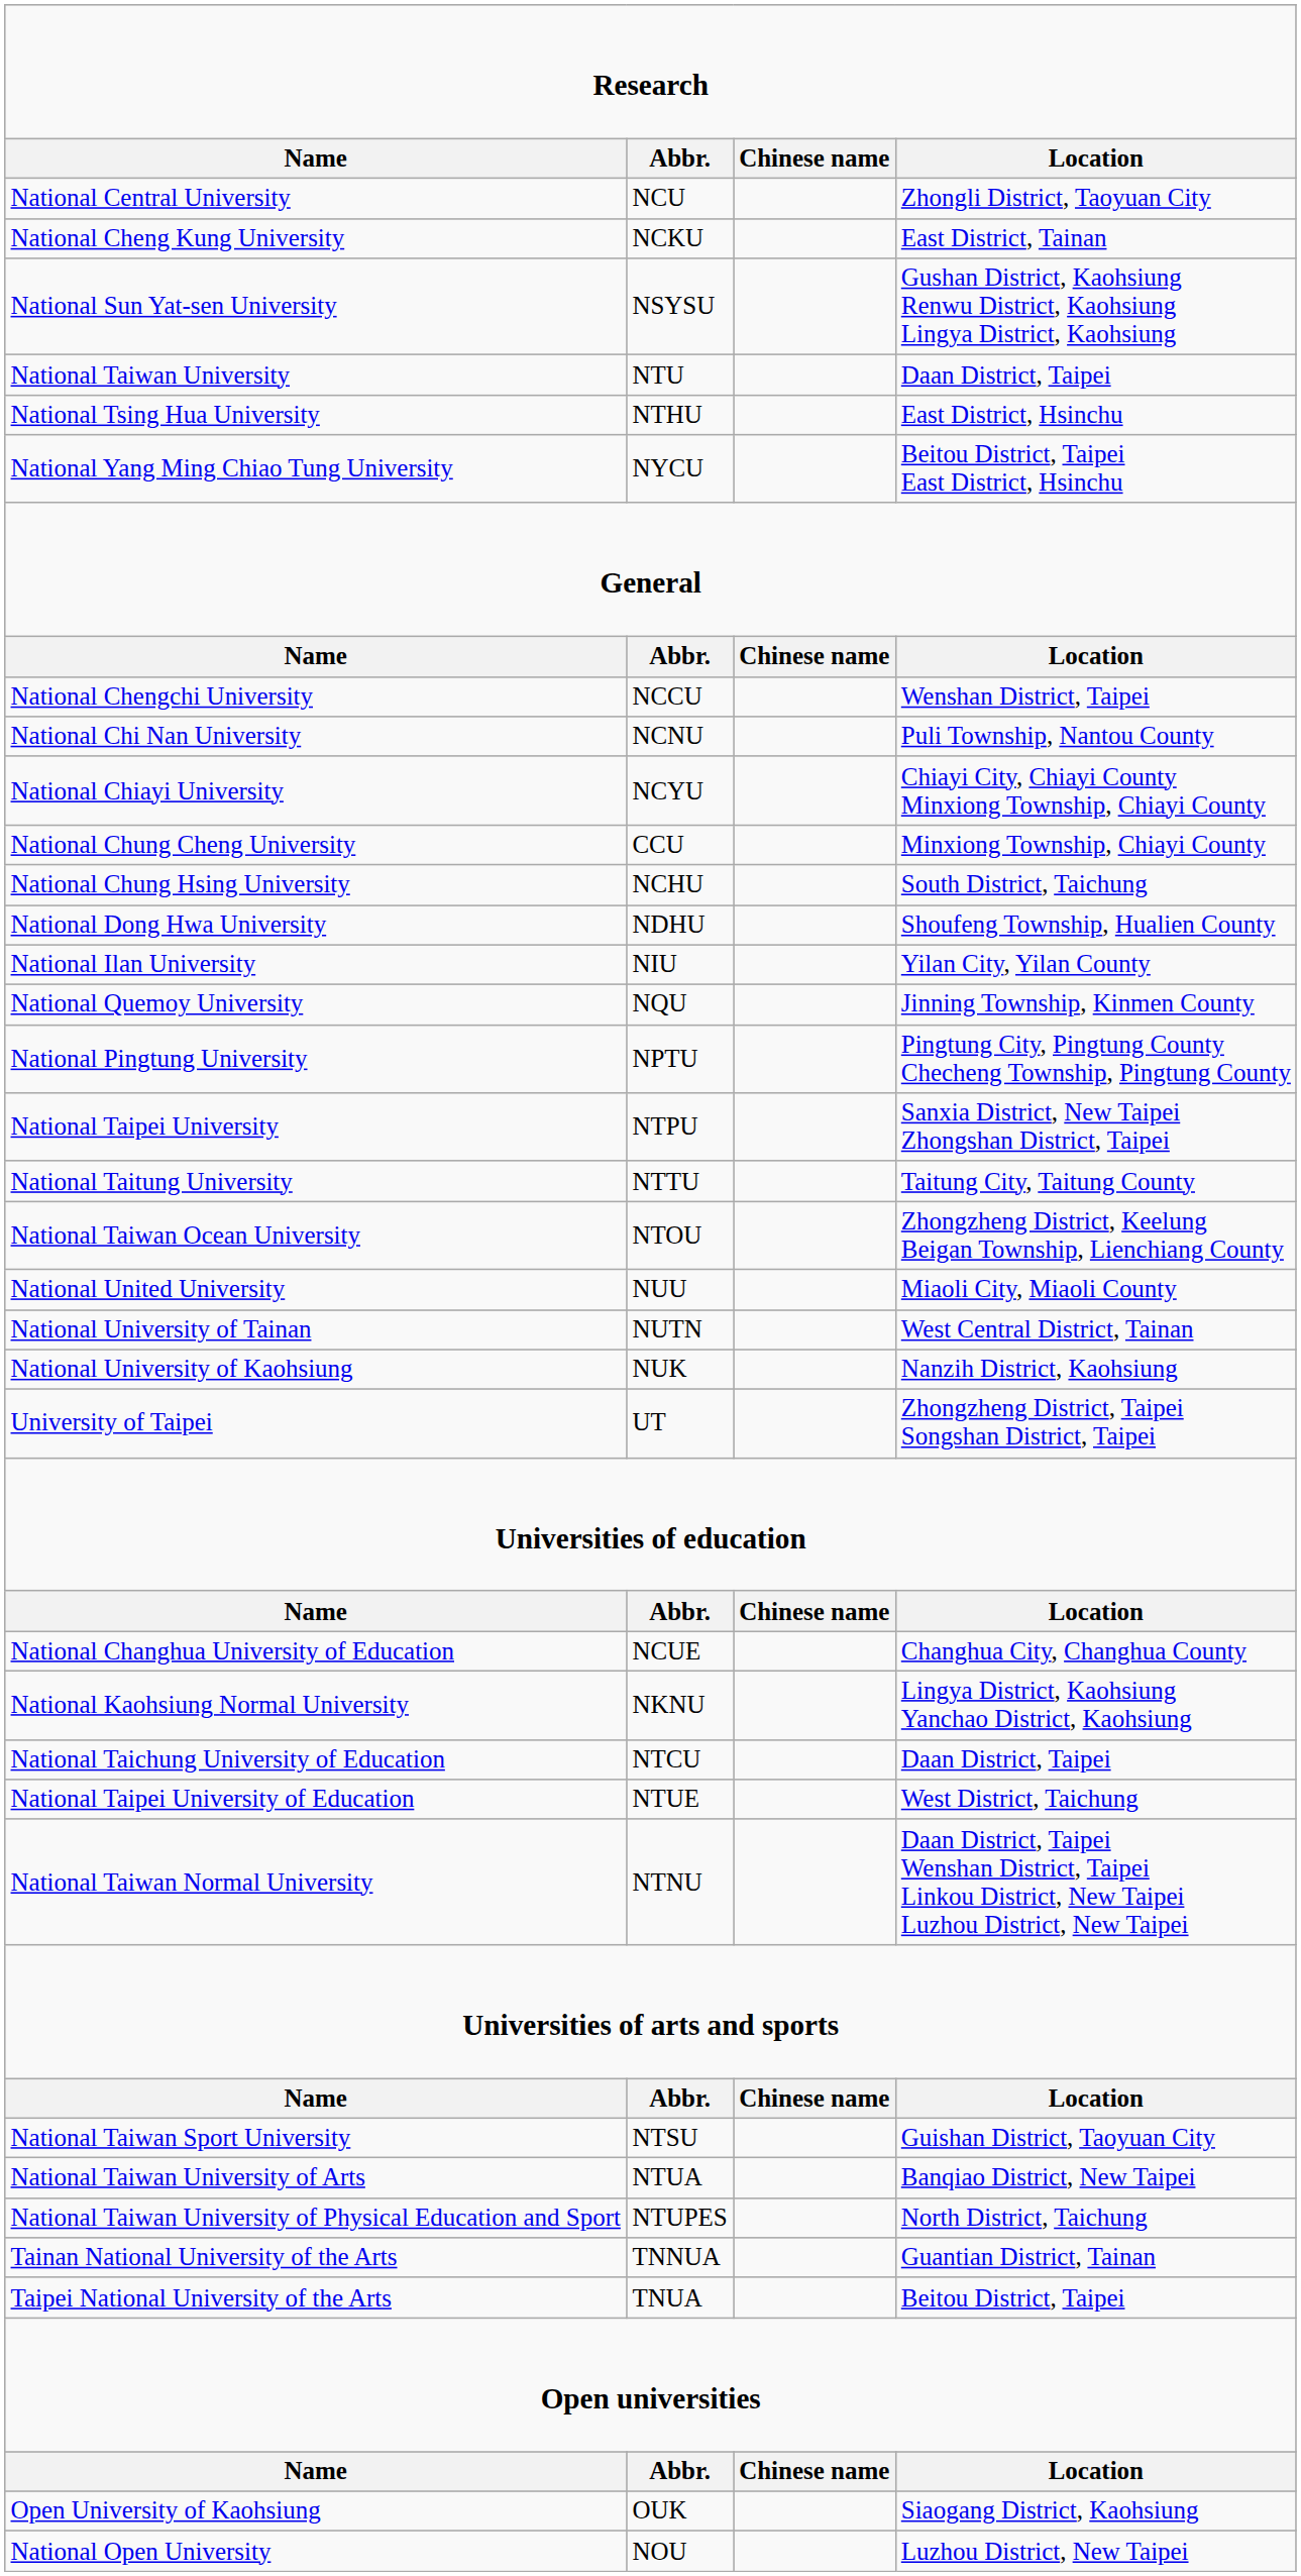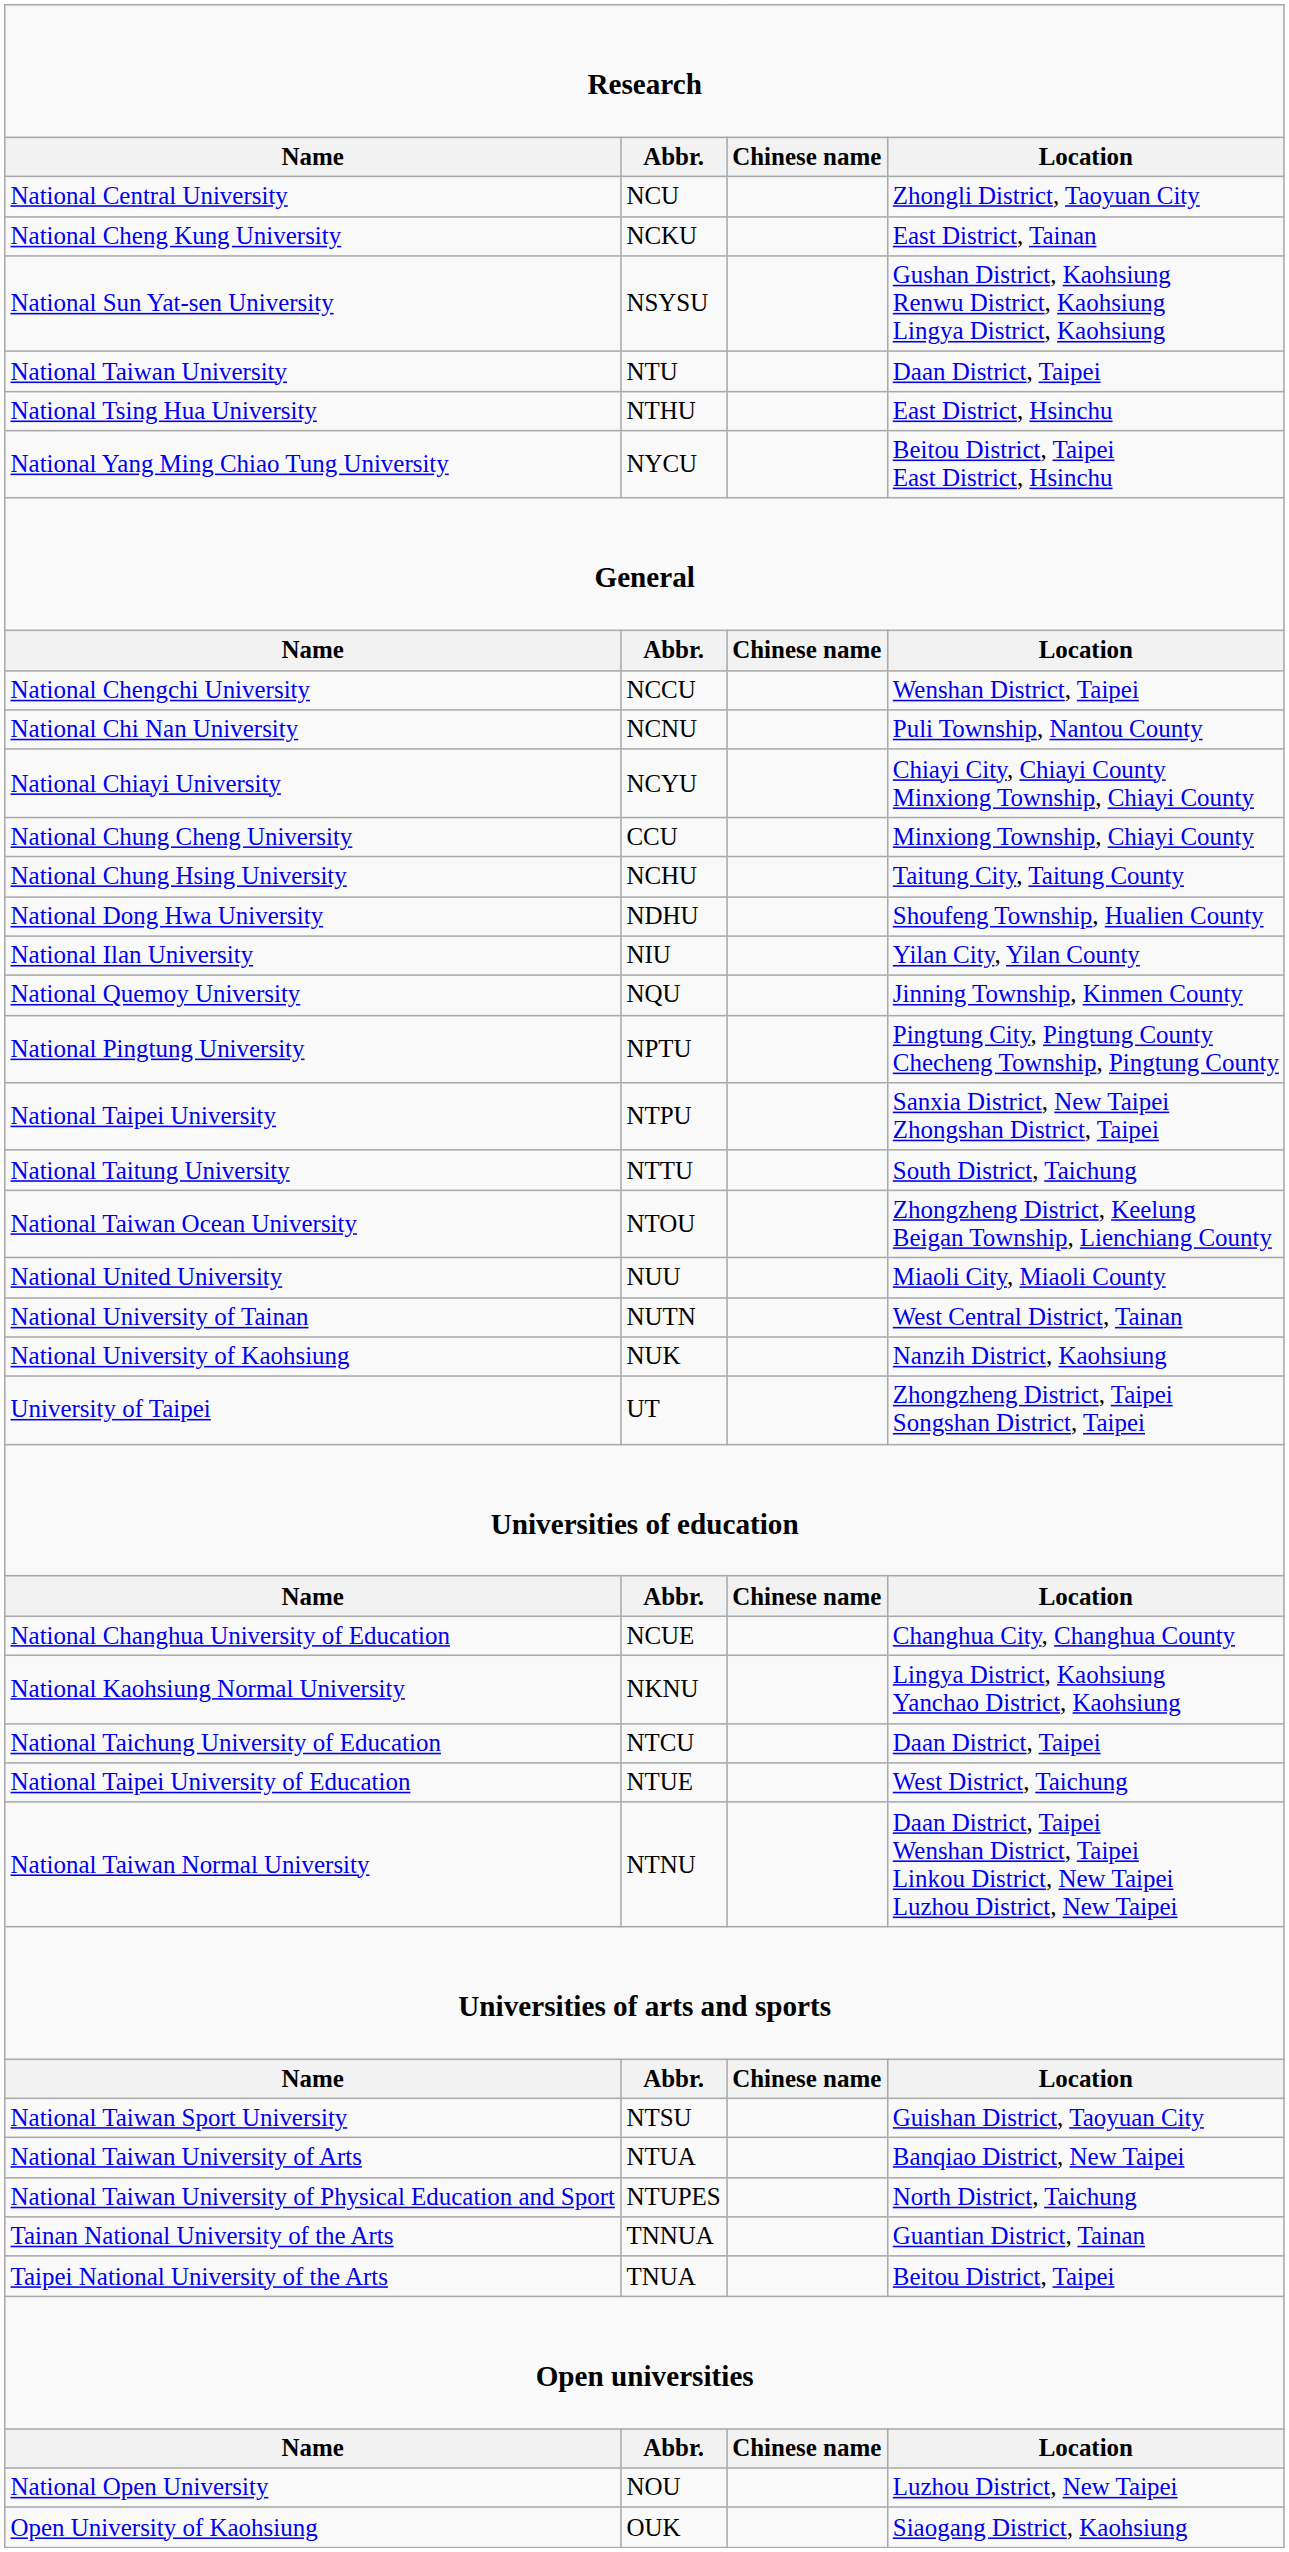 <table class="wikitable">
 <tr>
 <td colspan="4" align="center"><br><h3>Research</h3></td>
 </tr>
 <tr>
 <th>Name</th>
 <th>Abbr.</th>
 <th>Chinese name</th>
 <th>Location</th>
 </tr>
 <tr>
 <td><a href='#'>National Central University</a></td>
 <td>NCU</td>
 <td></td>
 <td><a href='#'>Zhongli District</a>, <a href='#'>Taoyuan City</a></td>
 </tr>
 <tr>
 <td><a href='#'>National Cheng Kung University</a></td>
 <td>NCKU</td>
 <td></td>
 <td><a href='#'>East District</a>, <a href='#'>Tainan</a></td>
 </tr>
 <tr>
 <td><a href='#'>National Sun Yat-sen University</a></td>
 <td>NSYSU</td>
 <td></td>
 <td><a href='#'>Gushan District</a>, <a href='#'>Kaohsiung</a><br><a href='#'>Renwu District</a>, <a href='#'>Kaohsiung</a><br><a href='#'>Lingya District</a>, <a href='#'>Kaohsiung</a></td>
 </tr>
 <tr>
 <td><a href='#'>National Taiwan University</a></td>
 <td>NTU</td>
 <td></td>
 <td><a href='#'>Daan District</a>, <a href='#'>Taipei</a></td>
 </tr>
 <tr>
 <td><a href='#'>National Tsing Hua University</a></td>
 <td>NTHU</td>
 <td></td>
 <td><a href='#'>East District</a>, <a href='#'>Hsinchu</a></td>
 </tr>
 <tr>
 <td><a href='#'>National Yang Ming Chiao Tung University</a></td>
 <td>NYCU</td>
 <td></td>
 <td><a href='#'>Beitou District</a>, <a href='#'>Taipei</a><br><a href='#'>East District</a>, <a href='#'>Hsinchu</a></td>
 </tr>
 <tr>
 <td colspan="4" align="center"><br><h3>General</h3></td>
 </tr>
 <tr>
 <th>Name</th>
 <th>Abbr.</th>
 <th>Chinese name</th>
 <th>Location</th>
 </tr>
 <tr>
 <td><a href='#'>National Chengchi University</a></td>
 <td>NCCU</td>
 <td></td>
 <td><a href='#'>Wenshan District</a>, <a href='#'>Taipei</a></td>
 </tr>
 <tr>
 <td><a href='#'>National Chi Nan University</a></td>
 <td>NCNU</td>
 <td></td>
 <td><a href='#'>Puli Township</a>, <a href='#'>Nantou County</a></td>
 </tr>
 <tr>
 <td><a href='#'>National Chiayi University</a></td>
 <td>NCYU</td>
 <td></td>
 <td><a href='#'>Chiayi City</a>, <a href='#'>Chiayi County</a><br><a href='#'>Minxiong Township</a>, <a href='#'>Chiayi County</a></td>
 </tr>
 <tr>
 <td><a href='#'>National Chung Cheng University</a></td>
 <td>CCU</td>
 <td></td>
 <td><a href='#'>Minxiong Township</a>, <a href='#'>Chiayi County</a></td>
 </tr>
 <tr>
 <td><a href='#'>National Chung Hsing University</a></td>
 <td>NCHU</td>
 <td></td>
-<td><a href='#'>South District</a>, <a href='#'>Taichung</a></td>
+<td><a href='#'>Taitung City</a>, <a href='#'>Taitung County</a></td>
 </tr>
 <tr>
 <td><a href='#'>National Dong Hwa University</a></td>
 <td>NDHU</td>
 <td></td>
 <td><a href='#'>Shoufeng Township</a>, <a href='#'>Hualien County</a></td>
 </tr>
 <tr>
 <td><a href='#'>National Ilan University</a></td>
 <td>NIU</td>
 <td></td>
 <td><a href='#'>Yilan City</a>, <a href='#'>Yilan County</a></td>
 </tr>
 <tr>
 <td><a href='#'>National Quemoy University</a></td>
 <td>NQU</td>
 <td></td>
 <td><a href='#'>Jinning Township</a>, <a href='#'>Kinmen County</a></td>
 </tr>
 <tr>
 <td><a href='#'>National Pingtung University</a></td>
 <td>NPTU</td>
 <td></td>
 <td><a href='#'>Pingtung City</a>, <a href='#'>Pingtung County</a><br><a href='#'>Checheng Township</a>, <a href='#'>Pingtung County</a></td>
 </tr>
 <tr>
 <td><a href='#'>National Taipei University</a></td>
 <td>NTPU</td>
 <td></td>
 <td><a href='#'>Sanxia District</a>, <a href='#'>New Taipei</a><br><a href='#'>Zhongshan District</a>, <a href='#'>Taipei</a></td>
 </tr>
 <tr>
 <td><a href='#'>National Taitung University</a></td>
 <td>NTTU</td>
 <td></td>
-<td><a href='#'>Taitung City</a>, <a href='#'>Taitung County</a></td>
+<td><a href='#'>South District</a>, <a href='#'>Taichung</a></td>
 </tr>
 <tr>
 <td><a href='#'>National Taiwan Ocean University</a></td>
 <td>NTOU</td>
 <td></td>
 <td><a href='#'>Zhongzheng District</a>, <a href='#'>Keelung</a><br><a href='#'>Beigan Township</a>, <a href='#'>Lienchiang County</a></td>
 </tr>
 <tr>
 <td><a href='#'>National United University</a></td>
 <td>NUU</td>
 <td></td>
 <td><a href='#'>Miaoli City</a>, <a href='#'>Miaoli County</a></td>
 </tr>
 <tr>
 <td><a href='#'>National University of Tainan</a></td>
 <td>NUTN</td>
 <td></td>
 <td><a href='#'>West Central District</a>, <a href='#'>Tainan</a></td>
 </tr>
 <tr>
 <td><a href='#'>National University of Kaohsiung</a></td>
 <td>NUK</td>
 <td></td>
 <td><a href='#'>Nanzih District</a>, <a href='#'>Kaohsiung</a></td>
 </tr>
 <tr>
 <td><a href='#'>University of Taipei</a></td>
 <td>UT</td>
 <td></td>
 <td><a href='#'>Zhongzheng District</a>, <a href='#'>Taipei</a><br><a href='#'>Songshan District</a>, <a href='#'>Taipei</a></td>
 </tr>
 <tr>
 <td colspan="4" align="center"><br><h3>Universities of education</h3></td>
 </tr>
 <tr>
 <th>Name</th>
 <th>Abbr.</th>
 <th>Chinese name</th>
 <th>Location</th>
 </tr>
 <tr>
 <td><a href='#'>National Changhua University of Education</a></td>
 <td>NCUE</td>
 <td></td>
 <td><a href='#'>Changhua City</a>, <a href='#'>Changhua County</a></td>
 </tr>
 <tr>
 <td><a href='#'>National Kaohsiung Normal University</a></td>
 <td>NKNU</td>
 <td></td>
 <td><a href='#'>Lingya District</a>, <a href='#'>Kaohsiung</a><br><a href='#'>Yanchao District</a>, <a href='#'>Kaohsiung</a></td>
 </tr>
 <tr>
 <td><a href='#'>National Taichung University of Education</a></td>
 <td>NTCU</td>
 <td></td>
 <td><a href='#'>Daan District</a>, <a href='#'>Taipei</a></td>
 </tr>
 <tr>
 <td><a href='#'>National Taipei University of Education</a></td>
 <td>NTUE</td>
 <td></td>
 <td><a href='#'>West District</a>, <a href='#'>Taichung</a></td>
 </tr>
 <tr>
 <td><a href='#'>National Taiwan Normal University</a></td>
 <td>NTNU</td>
 <td></td>
 <td><a href='#'>Daan District</a>, <a href='#'>Taipei</a><br><a href='#'>Wenshan District</a>, <a href='#'>Taipei</a><br><a href='#'>Linkou District</a>, <a href='#'>New Taipei</a><br><a href='#'>Luzhou District</a>, <a href='#'>New Taipei</a></td>
 </tr>
 <tr>
 <td colspan="4" align="center"><br><h3>Universities of arts and sports</h3></td>
 </tr>
 <tr>
 <th>Name</th>
 <th>Abbr.</th>
 <th>Chinese name</th>
 <th>Location</th>
 </tr>
 <tr>
 <td><a href='#'>National Taiwan Sport University</a></td>
 <td>NTSU</td>
 <td></td>
 <td><a href='#'>Guishan District</a>, <a href='#'>Taoyuan City</a></td>
 </tr>
 <tr>
 <td><a href='#'>National Taiwan University of Arts</a></td>
 <td>NTUA</td>
 <td></td>
 <td><a href='#'>Banqiao District</a>, <a href='#'>New Taipei</a></td>
 </tr>
 <tr>
 <td><a href='#'>National Taiwan University of Physical Education and Sport</a></td>
 <td>NTUPES</td>
 <td></td>
 <td><a href='#'>North District</a>, <a href='#'>Taichung</a></td>
 </tr>
 <tr>
 <td><a href='#'>Tainan National University of the Arts</a></td>
 <td>TNNUA</td>
 <td></td>
 <td><a href='#'>Guantian District</a>, <a href='#'>Tainan</a></td>
 </tr>
 <tr>
 <td><a href='#'>Taipei National University of the Arts</a></td>
 <td>TNUA</td>
 <td></td>
 <td><a href='#'>Beitou District</a>, <a href='#'>Taipei</a></td>
 </tr>
 <tr>
 <td colspan="4" align="center"><br><h3>Open universities</h3></td>
 </tr>
 <tr>
 <th>Name</th>
 <th>Abbr.</th>
 <th>Chinese name</th>
 <th>Location</th>
 </tr>
 <tr>
+<td><a href='#'>National Open University</a></td>
+<td>NOU</td>
+<td></td>
+<td><a href='#'>Luzhou District</a>, <a href='#'>New Taipei</a></td>
+</tr>
+<tr>
 <td><a href='#'>Open University of Kaohsiung</a></td>
 <td>OUK</td>
 <td></td>
 <td><a href='#'>Siaogang District</a>, <a href='#'>Kaohsiung</a></td>
 </tr>
-<tr>
-<td><a href='#'>National Open University</a></td>
-<td>NOU</td>
-<td></td>
-<td><a href='#'>Luzhou District</a>, <a href='#'>New Taipei</a></td>
-</tr>
 </table>
